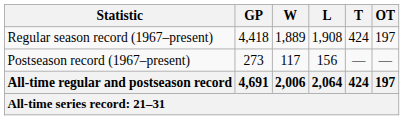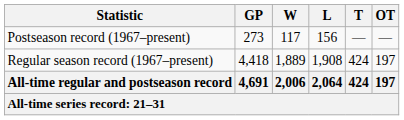 <table class="wikitable" style="text-align:center; font-size:95%">
 <tr>
 <th>Statistic</th>
 <th>GP</th>
 <th>W</th>
 <th>L</th>
 <th>T</th>
 <th>OT</th>
 </tr>
 <tr>
+<td style="text-align:left;">Postseason record (1967–present)</td>
+<td>273</td>
+<td>117</td>
+<td>156</td>
+<td>—</td>
+<td>—</td>
+</tr>
+<tr>
 <td style="text-align:left;">Regular season record (1967–present)</td>
 <td>4,418</td>
 <td>1,889</td>
 <td>1,908</td>
 <td>424</td>
 <td>197</td>
-</tr>
-<tr>
-<td style="text-align:left;">Postseason record (1967–present)</td>
-<td>273</td>
-<td>117</td>
-<td>156</td>
-<td>—</td>
-<td>—</td>
 </tr>
 <tr>
 <th style="text-align:left;">All-time regular and postseason record</th>
 <th>4,691</th>
 <th>2,006</th>
 <th>2,064</th>
 <th>424</th>
 <th>197</th>
 </tr>
 <tr>
 <th colspan="6" style="text-align:left; font-size:95%">All-time series record: 21–31</th>
 </tr>
 </table>
